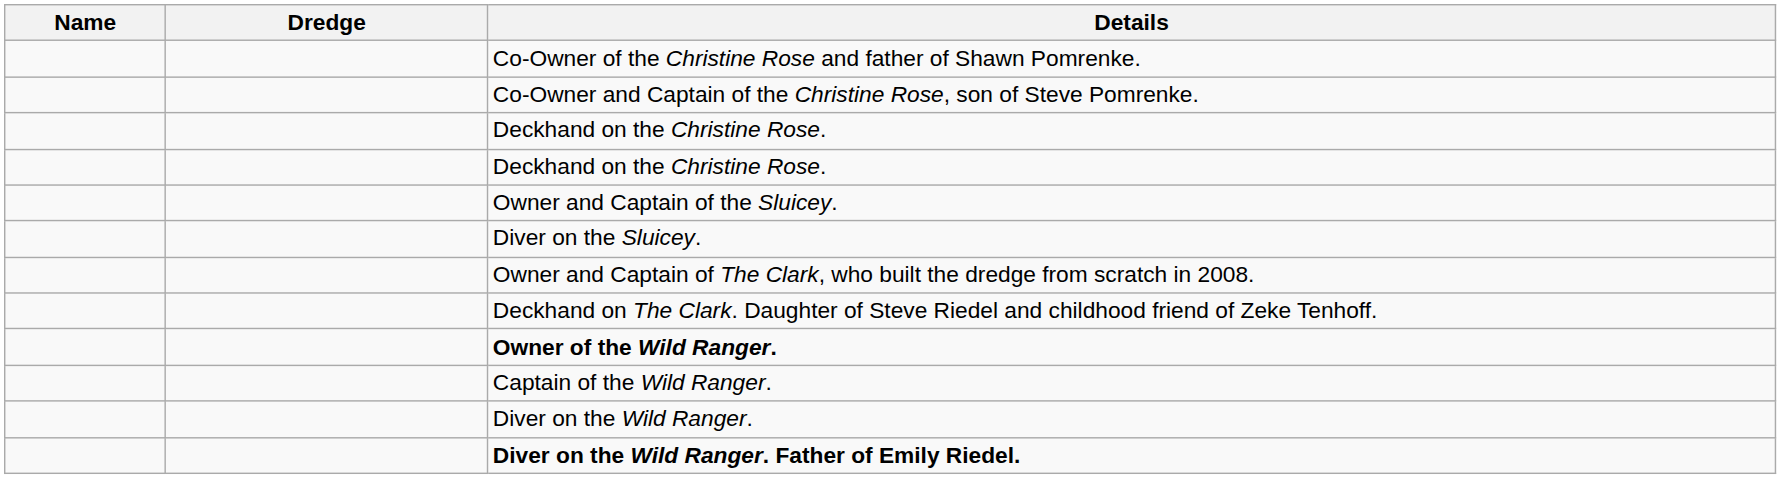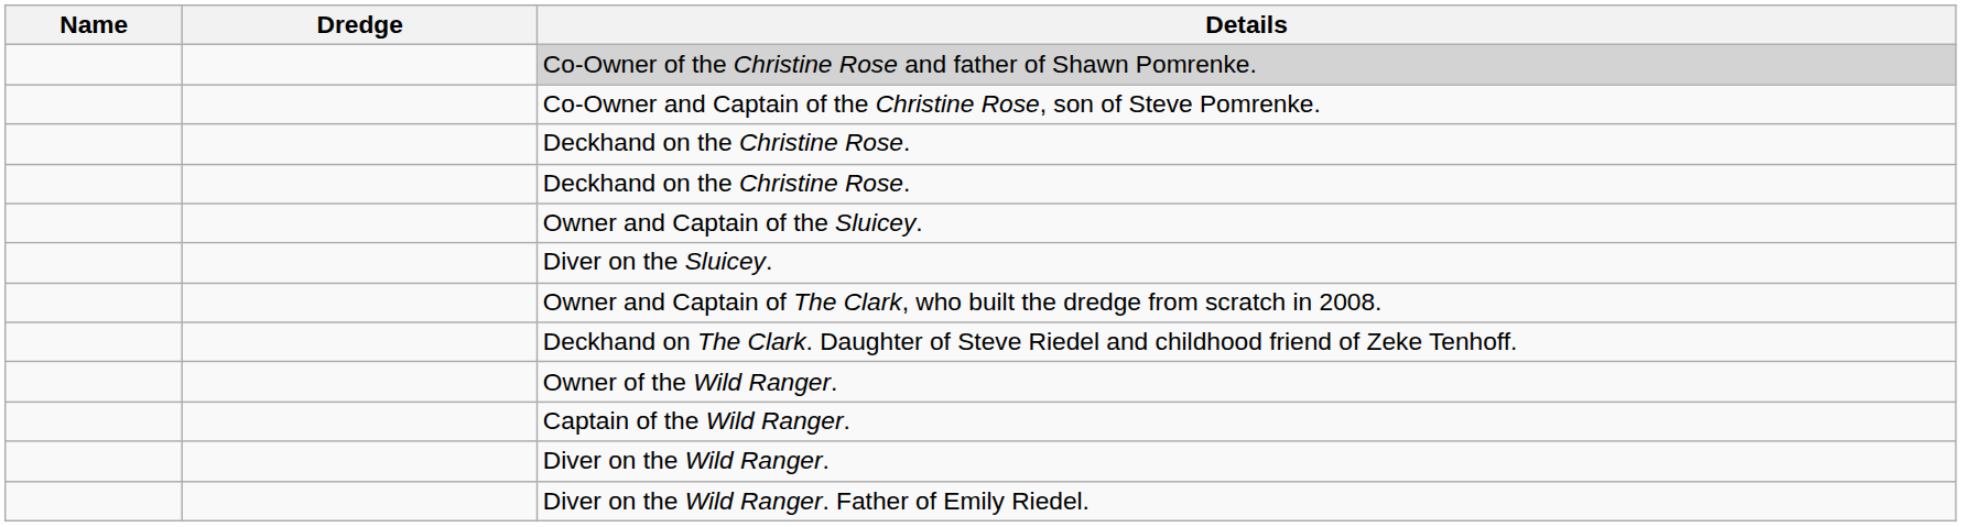 <table class=wikitable>
 <tr>
 <th style="width:5%;">Name</th>
 <th style="width:10%;">Dredge</th>
 <th colspan="12" style="width:40%;">Details</th>
 </tr>
 <tr>
 <td></td>
 <td></td>
-<td>Co-Owner of the <em>Christine Rose</em> and father of Shawn Pomrenke.</td>
+<td style="background: lightgrey;">Co-Owner of the <em>Christine Rose</em> and father of Shawn Pomrenke.</td>
 </tr>
 <tr>
 <td></td>
 <td></td>
 <td>Co-Owner and Captain of the <em>Christine Rose</em>, son of Steve Pomrenke.</td>
 </tr>
 <tr>
 <td></td>
 <td></td>
 <td>Deckhand on the <em>Christine Rose</em>.</td>
 </tr>
 <tr>
 <td></td>
 <td></td>
 <td>Deckhand on the <em>Christine Rose</em>.</td>
 </tr>
 <tr>
 <td></td>
 <td></td>
 <td>Owner and Captain of the <em>Sluicey</em>.</td>
 </tr>
 <tr>
 <td></td>
 <td></td>
 <td>Diver on the <em>Sluicey</em>.</td>
 </tr>
 <tr>
 <td></td>
 <td></td>
 <td>Owner and Captain of <em>The Clark</em>, who built the dredge from scratch in 2008.</td>
 </tr>
 <tr>
 <td></td>
 <td></td>
 <td>Deckhand on <em>The Clark</em>. Daughter of Steve Riedel and childhood friend of Zeke Tenhoff.</td>
 </tr>
 <tr>
 <td></td>
 <td></td>
-<td><strong>Owner of the <em>Wild Ranger</em>.</strong></td>
+<td>Owner of the <em>Wild Ranger</em>.</td>
 </tr>
 <tr>
 <td></td>
 <td></td>
 <td>Captain of the <em>Wild Ranger</em>.</td>
 </tr>
 <tr>
 <td></td>
 <td></td>
 <td>Diver on the <em>Wild Ranger</em>.</td>
 </tr>
 <tr>
 <td></td>
 <td></td>
-<td><strong>Diver on the <em>Wild Ranger</em>. Father of Emily Riedel.</strong></td>
+<td>Diver on the <em>Wild Ranger</em>. Father of Emily Riedel.</td>
 </tr>
 </table>
